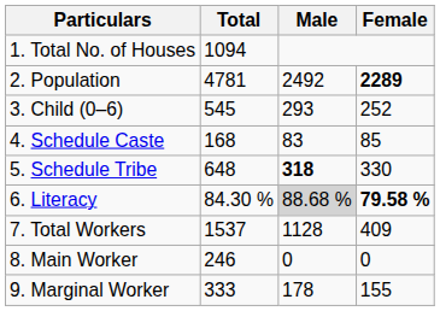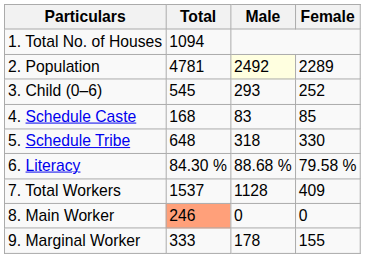 <table class="wikitable sortable">
 <tr>
 <th>Particulars</th>
 <th>Total</th>
 <th>Male</th>
 <th>Female</th>
 </tr>
 <tr>
 <td>1. Total No. of Houses</td>
 <td>1094</td>
 </tr>
 <tr>
 <td>2. Population</td>
 <td>4781</td>
-<td>2492</td>
-<td><strong>2289</strong></td>
+<td style="background: lightyellow;">2492</td>
+<td>2289</td>
 </tr>
 <tr>
 <td>3. Child (0–6)</td>
 <td>545</td>
 <td>293</td>
 <td>252</td>
 </tr>
 <tr>
 <td>4. <a href='#'>Schedule Caste</a></td>
 <td>168</td>
 <td>83</td>
 <td>85</td>
 </tr>
 <tr>
 <td>5. <a href='#'>Schedule Tribe</a></td>
 <td>648</td>
-<td><strong>318</strong></td>
+<td>318</td>
 <td>330</td>
 </tr>
 <tr>
 <td>6. <a href='#'>Literacy</a></td>
 <td>84.30 %</td>
-<td style="background: lightgrey;">88.68 %</td>
-<td><strong>79.58 %</strong></td>
+<td>88.68 %</td>
+<td>79.58 %</td>
 </tr>
 <tr>
 <td>7. Total Workers</td>
 <td>1537</td>
 <td>1128</td>
 <td>409</td>
 </tr>
 <tr>
 <td>8. Main Worker</td>
-<td>246</td>
+<td style="background: lightsalmon;">246</td>
 <td>0</td>
 <td>0</td>
 </tr>
 <tr>
 <td>9. Marginal Worker</td>
 <td>333</td>
 <td>178</td>
 <td>155</td>
 </tr>
 </table>
